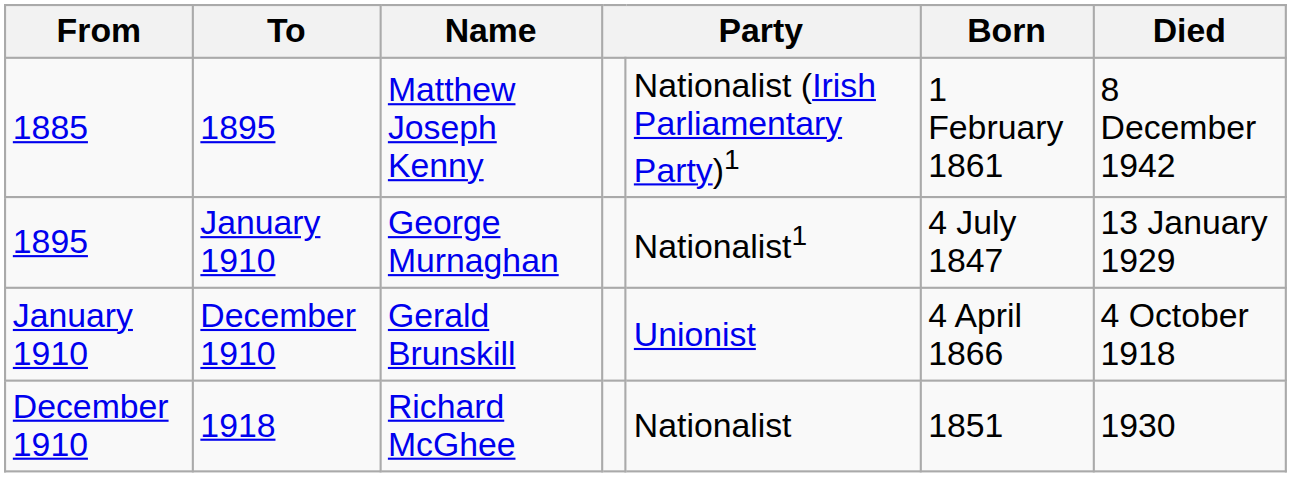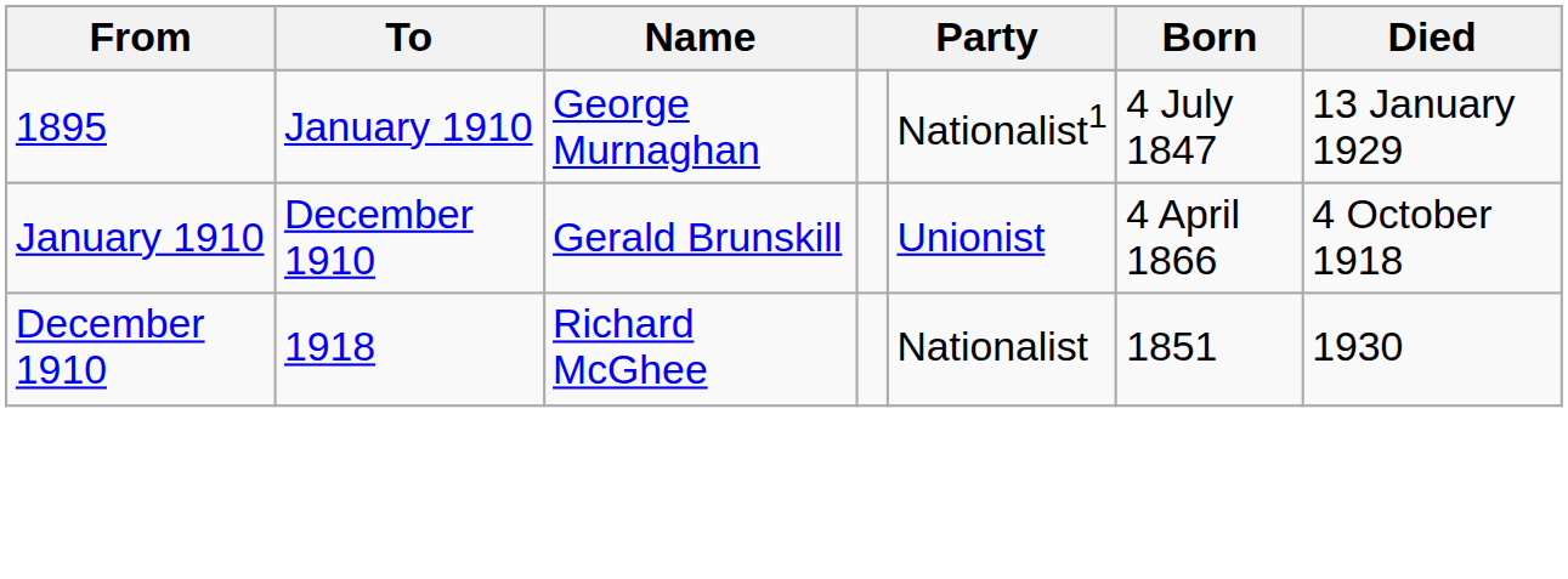 <table class="wikitable">
 <tr>
 <th>From</th>
 <th>To</th>
 <th>Name</th>
 <th colspan="2">Party</th>
 <th>Born</th>
 <th>Died</th>
-</tr>
-<tr>
-<td><a href='#'>1885</a></td>
-<td><a href='#'>1895</a></td>
-<td><a href='#'>Matthew Joseph Kenny</a></td>
-<td style="color:inherit;background: "> </td>
-<td>Nationalist (<a href='#'>Irish Parliamentary Party</a>)<sup>1</sup></td>
-<td>1 February 1861</td>
-<td>8 December 1942</td>
 </tr>
 <tr>
 <td><a href='#'>1895</a></td>
 <td><a href='#'>January 1910</a></td>
 <td><a href='#'>George Murnaghan</a></td>
 <td style="color:inherit;background: "> </td>
 <td>Nationalist<sup>1</sup></td>
 <td>4 July 1847</td>
 <td>13 January 1929</td>
 </tr>
 <tr>
 <td><a href='#'>January 1910</a></td>
 <td><a href='#'>December 1910</a></td>
 <td><a href='#'>Gerald Brunskill</a></td>
 <td style="color:inherit;background: "> </td>
 <td><a href='#'>Unionist</a></td>
 <td>4 April 1866</td>
 <td>4 October 1918</td>
 </tr>
 <tr>
 <td><a href='#'>December 1910</a></td>
 <td><a href='#'>1918</a></td>
 <td><a href='#'>Richard McGhee</a></td>
 <td style="color:inherit;background: "> </td>
 <td>Nationalist</td>
 <td>1851</td>
 <td>1930</td>
 </tr>
 </table>
